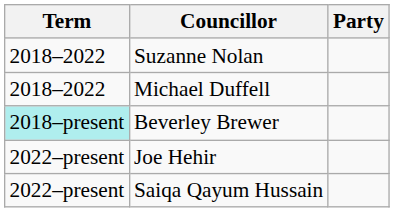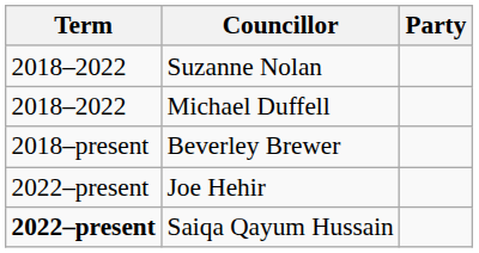 <table class="wikitable">
 <tr>
 <th>Term</th>
 <th>Councillor</th>
 <th colspan=2>Party</th>
 </tr>
 <tr>
 <td>2018–2022</td>
 <td>Suzanne Nolan</td>
 <td></td>
 </tr>
 <tr>
 <td>2018–2022</td>
 <td>Michael Duffell</td>
 <td></td>
 </tr>
 <tr>
-<td style="background: paleturquoise;">2018–present</td>
+<td>2018–present</td>
 <td>Beverley Brewer</td>
 <td></td>
 </tr>
 <tr>
 <td>2022–present</td>
 <td>Joe Hehir</td>
 <td></td>
 </tr>
 <tr>
-<td>2022–present</td>
+<td><strong>2022–present</strong></td>
 <td>Saiqa Qayum Hussain</td>
 <td></td>
 </tr>
 </table>
